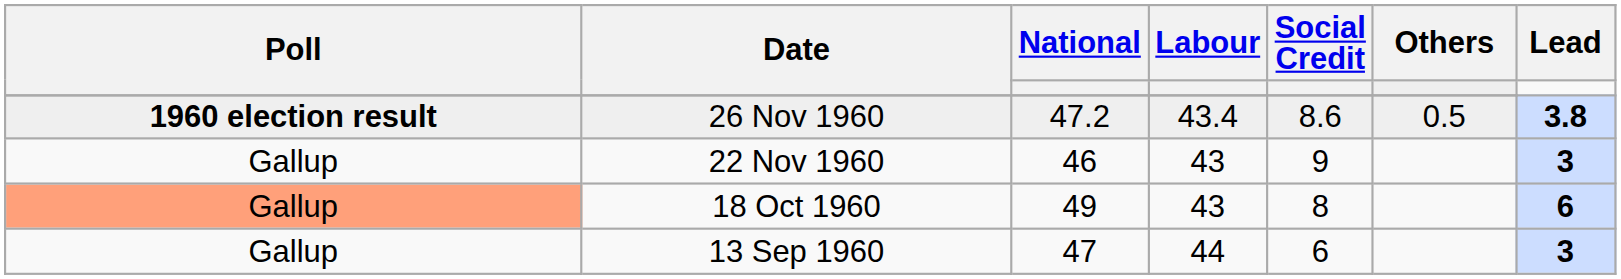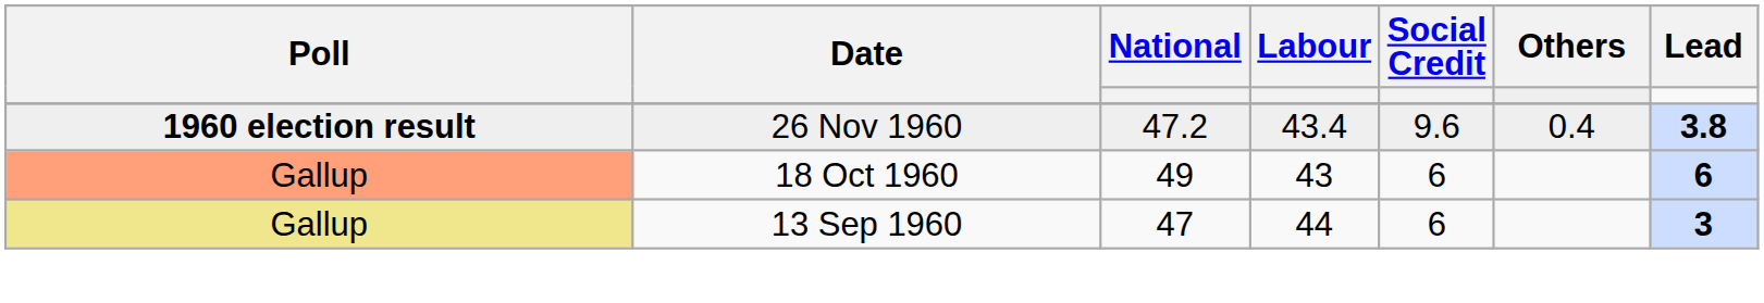 <table class="wikitable sortable" style="width:750px;font-size:90%;line-height:14px;text-align:center;">
 <tr>
 <th style="width:270px;" rowspan="2">Poll</th>
 <th style="width:200px;" rowspan="2">Date</th>
 <th><a href='#'>National</a></th>
 <th><a href='#'>Labour</a></th>
 <th><a href='#'>Social Credit</a></th>
 <th>Others</th>
 <th data-sort-type="number" style="width:40px;">Lead</th>
 </tr>
 <tr>
 <th class="unsortable" style="color:inherit;background:"></th>
 <th class="unsortable" style="color:inherit;background:"></th>
 <th class="unsortable" style="color:inherit;background:"></th>
 <th class="unsortable" style="color:inherit;background:#EFEFEF; width:60px;"></th>
 </tr>
 <tr>
 </tr>
 <tr style="background:#EFEFEF; font-weight:italic;">
 <td><strong>1960 election result</strong></td>
 <td data-sort-value="1960-11-26">26 Nov 1960</td>
 <td>47.2</td>
 <td>43.4</td>
-<td>8.6</td>
-<td>0.5</td>
+<td>9.6</td>
+<td>0.4</td>
 <td style="background:#CCDDFF"><strong>3.8</strong></td>
-</tr>
-<tr>
-<td>Gallup</td>
-<td data-sort-value="1960-11-22">22 Nov 1960</td>
-<td>46</td>
-<td>43</td>
-<td>9</td>
-<td></td>
-<td style="background:#CCDDFF"><strong>3</strong></td>
 </tr>
 <tr>
 <td style="background: lightsalmon;">Gallup</td>
 <td data-sort-value="1960-10-18">18 Oct 1960</td>
 <td>49</td>
 <td>43</td>
-<td>8</td>
+<td>6</td>
 <td></td>
 <td style="background:#CCDDFF"><strong>6</strong></td>
 </tr>
 <tr>
-<td>Gallup</td>
+<td style="background: khaki;">Gallup</td>
 <td data-sort-value="1960-09-13">13 Sep 1960</td>
 <td>47</td>
 <td>44</td>
 <td>6</td>
 <td></td>
 <td style="background:#CCDDFF"><strong>3</strong></td>
 </tr>
 </table>
